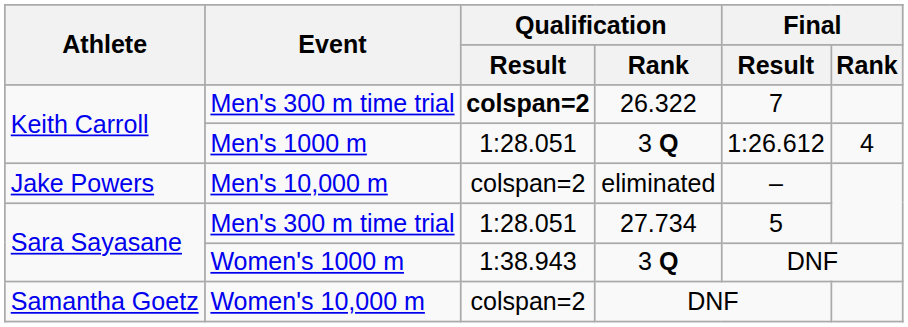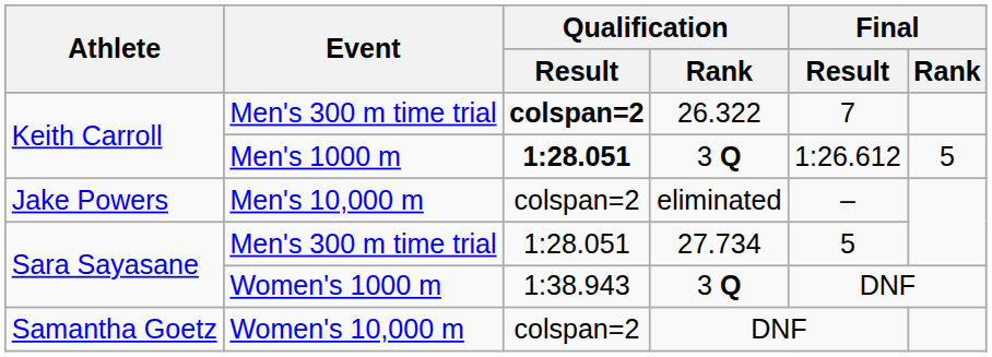 <table class="wikitable" style="font-size:90%">
 <tr>
 <th rowspan=2>Athlete</th>
 <th rowspan=2>Event</th>
 <th colspan=2>Qualification</th>
 <th colspan=2>Final</th>
 </tr>
 <tr>
 <th>Result</th>
 <th>Rank</th>
 <th>Result</th>
 <th>Rank</th>
 </tr>
 <tr align=center>
 <td align=left rowspan=2><a href='#'>Keith Carroll</a></td>
 <td align=left><a href='#'>Men's 300 m time trial</a></td>
 <td><strong>colspan=2 </strong></td>
 <td>26.322</td>
 <td>7</td>
 </tr>
 <tr align=center>
 <td align=left><a href='#'>Men's 1000 m</a></td>
-<td>1:28.051</td>
+<td><strong>1:28.051</strong></td>
 <td>3 <strong>Q</strong></td>
 <td>1:26.612</td>
-<td>4</td>
+<td>5</td>
 </tr>
 <tr align=center>
 <td align=left><a href='#'>Jake Powers</a></td>
 <td align=left><a href='#'>Men's 10,000 m</a></td>
 <td>colspan=2 </td>
 <td>eliminated</td>
 <td>–</td>
 </tr>
 <tr align=center>
 <td align=left rowspan=2><a href='#'>Sara Sayasane</a></td>
 <td align=left><a href='#'>Men's 300 m time trial</a></td>
 <td>1:28.051</td>
 <td>27.734</td>
 <td>5</td>
 </tr>
 <tr align=center>
 <td align=left><a href='#'>Women's 1000 m</a></td>
 <td>1:38.943</td>
 <td>3 <strong>Q</strong></td>
 <td colspan=2>DNF</td>
 </tr>
 <tr align=center>
 <td align=left><a href='#'>Samantha Goetz</a></td>
 <td align=left><a href='#'>Women's 10,000 m</a></td>
 <td>colspan=2 </td>
 <td colspan=2>DNF</td>
 </tr>
 </table>
